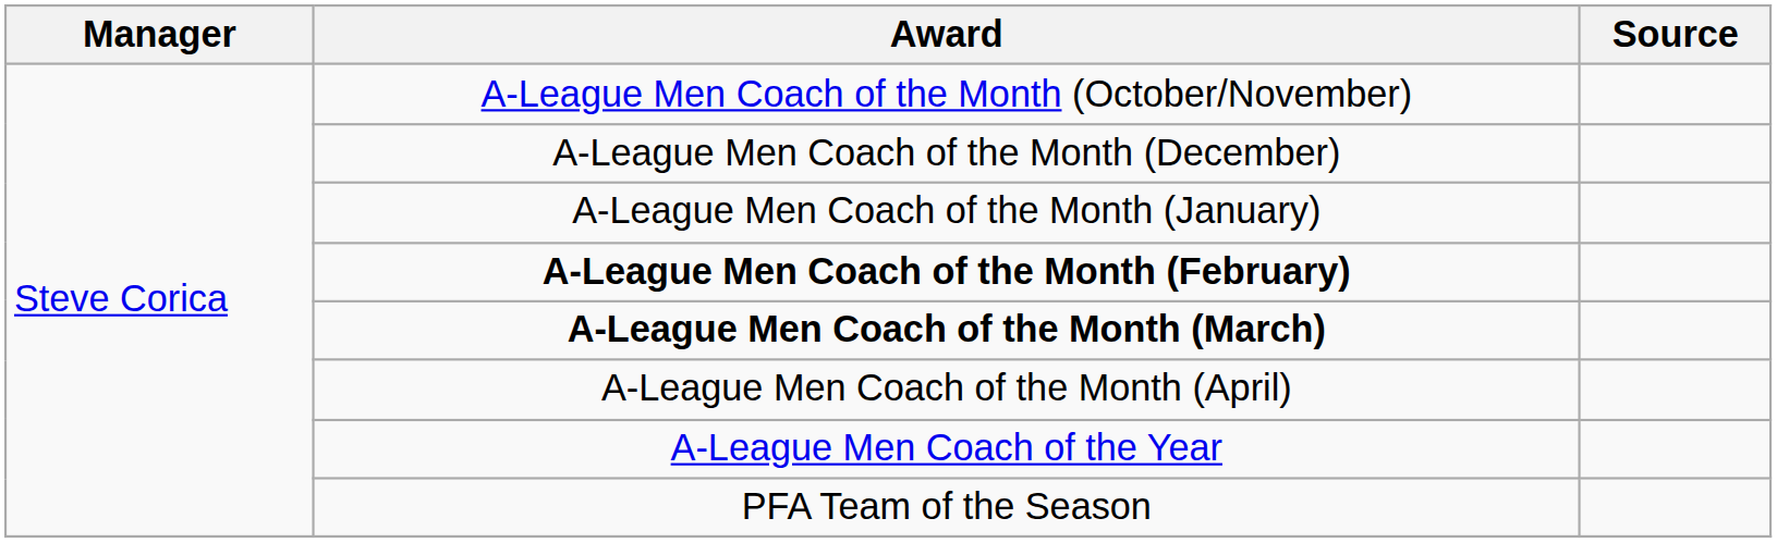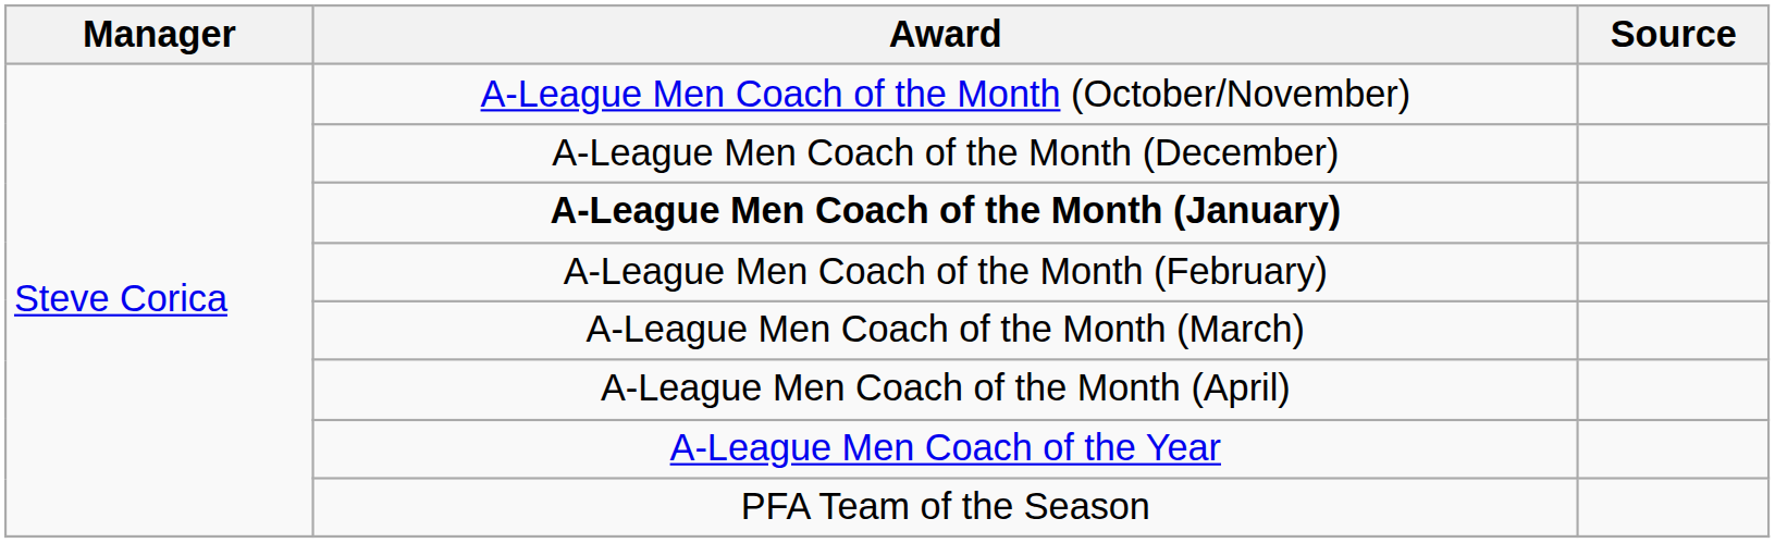 <table class="wikitable" style="text-align:center; width:60%;">
 <tr>
 <th>Manager</th>
 <th>Award</th>
 <th>Source</th>
 </tr>
 <tr>
 <td rowspan=8; align="left"> <a href='#'>Steve Corica</a></td>
 <td><a href='#'>A-League Men Coach of the Month</a> (October/November)</td>
 <td></td>
 </tr>
 <tr>
 <td>A-League Men Coach of the Month (December)</td>
 <td></td>
 </tr>
 <tr>
-<td>A-League Men Coach of the Month (January)</td>
+<td><strong>A-League Men Coach of the Month (January)</strong></td>
 <td></td>
 </tr>
 <tr>
-<td><strong>A-League Men Coach of the Month (February)</strong></td>
+<td>A-League Men Coach of the Month (February)</td>
 <td></td>
 </tr>
 <tr>
-<td><strong>A-League Men Coach of the Month (March)</strong></td>
+<td>A-League Men Coach of the Month (March)</td>
 <td></td>
 </tr>
 <tr>
 <td>A-League Men Coach of the Month (April)</td>
 <td></td>
 </tr>
 <tr>
 <td><a href='#'>A-League Men Coach of the Year</a></td>
 <td></td>
 </tr>
 <tr>
 <td>PFA Team of the Season</td>
 <td></td>
 </tr>
 <tr>
 </tr>
 </table>
